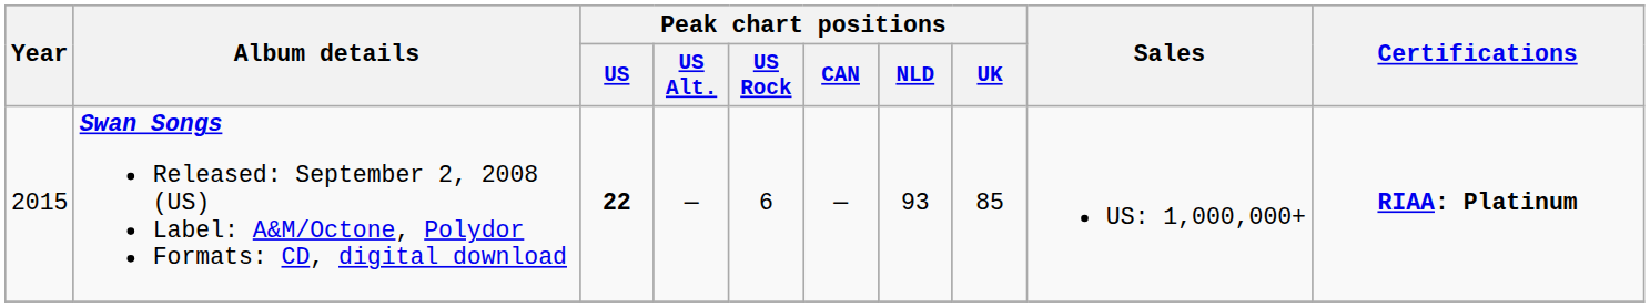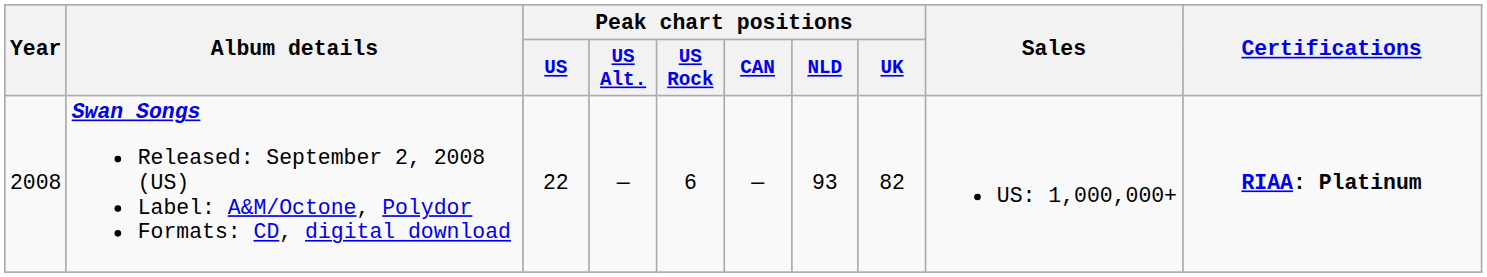 <table class="wikitable plainrowheaders" style="text-align:center;">
 <tr>
 <th scope="col" rowspan="2" style="width:30px;">Year</th>
 <th scope="col" rowspan="2" style="width:270px;">Album details</th>
 <th scope="col" colspan="6">Peak chart positions</th>
 <th rowspan="2">Sales</th>
 <th scope="col" rowspan="2" style="width:175px;"><a href='#'>Certifications</a></th>
 </tr>
 <tr>
 <th scope="col" style="width:3em;font-size:90%;"><a href='#'>US</a><br></th>
 <th scope="col" style="width:3em;font-size:90%;"><a href='#'>US<br>Alt.</a><br></th>
 <th scope="col" style="width:3em;font-size:90%;"><a href='#'>US<br>Rock</a><br></th>
 <th scope="col" style="width:3em;font-size:90%;"><a href='#'>CAN</a><br></th>
 <th scope="col" style="width:3em;font-size:90%;"><a href='#'>NLD</a><br></th>
 <th scope="col" style="width:3em;font-size:90%;"><a href='#'>UK</a><br></th>
 </tr>
 <tr>
-<td scope="row" style="text-align:center;">2015</td>
+<td scope="row" style="text-align:center;">2008</td>
 <td style="text-align:left;"><strong><em><a href='#'>Swan Songs</a></em></strong><br><ul><li>Released: September 2, 2008 <span>(US)</span></li><li>Label: <a href='#'>A&M/Octone</a>, <a href='#'>Polydor</a></li><li>Formats: <a href='#'>CD</a>, <a href='#'>digital download</a></li></ul></td>
-<td><strong>22</strong></td>
+<td>22</td>
 <td>—</td>
 <td>6</td>
 <td>—</td>
 <td>93</td>
-<td>85</td>
+<td>82</td>
 <td><br><ul><li>US: 1,000,000+</li></ul></td>
 <td><strong><a href='#'>RIAA</a>: Platinum</strong></td>
 </tr>
 </table>
